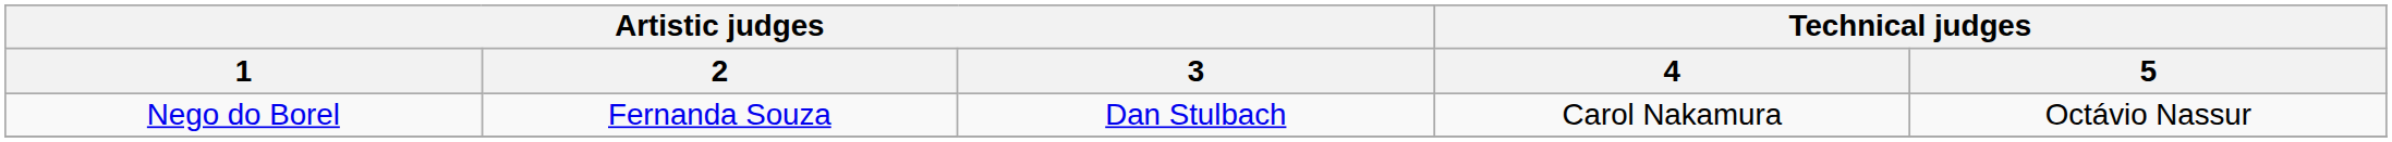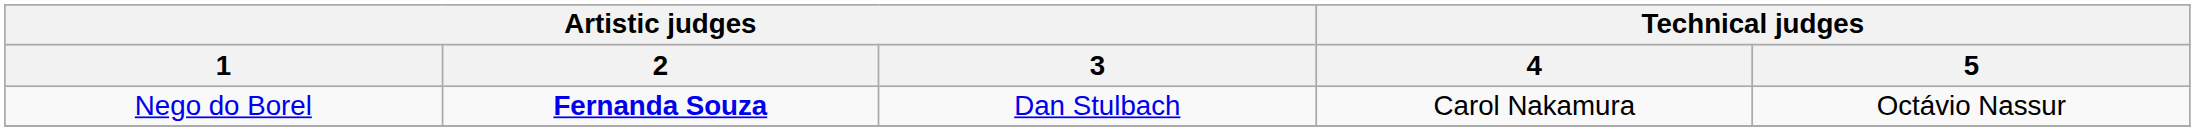 <table class="wikitable" style="font-size:100%; line-height:16px; text-align:center" width="100%">
 <tr>
 <th colspan=3>Artistic judges</th>
 <th colspan=2>Technical judges</th>
 </tr>
 <tr>
 <th style="width:20.0%;">1</th>
 <th style="width:20.0%;">2</th>
 <th style="width:20.0%;">3</th>
 <th style="width:20.0%;">4</th>
 <th style="width:20.0%;">5</th>
 </tr>
 <tr>
 <td><a href='#'>Nego do Borel</a></td>
-<td><a href='#'>Fernanda Souza</a></td>
+<td><strong><a href='#'>Fernanda Souza</a></strong></td>
 <td><a href='#'>Dan Stulbach</a></td>
 <td>Carol Nakamura</td>
 <td>Octávio Nassur</td>
 </tr>
 <tr>
 </tr>
 </table>
